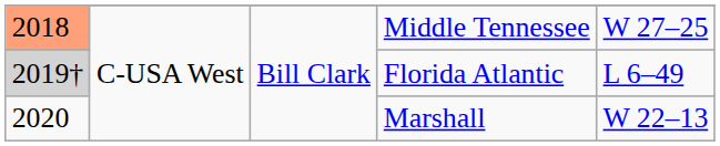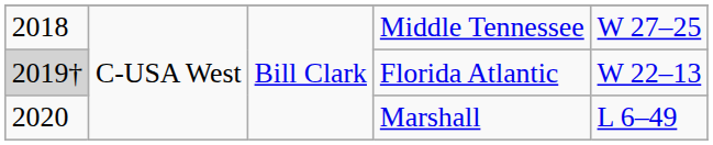 <table class="wikitable">
 <tr>
 </tr>
 <tr>
-<td style="background: lightsalmon;">2018</td>
+<td>2018</td>
 <td rowspan="3">C-USA West</td>
 <td rowspan="3"><a href='#'>Bill Clark</a></td>
 <td><a href='#'>Middle Tennessee</a></td>
 <td><a href='#'>W 27–25</a></td>
 </tr>
 <tr>
 <td style="background: lightgrey;">2019†</td>
 <td><a href='#'>Florida Atlantic</a></td>
-<td><a href='#'>L 6–49</a></td>
+<td><a href='#'>W 22–13</a></td>
 </tr>
 <tr>
 <td>2020</td>
 <td><a href='#'>Marshall</a></td>
-<td><a href='#'>W 22–13</a></td>
+<td><a href='#'>L 6–49</a></td>
 </tr>
 </table>
